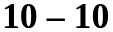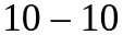 <table style="text-align:center">
 <tr>
 <th width=200></th>
 <th width=100></th>
 <th width=200></th>
 </tr>
 <tr>
 <td align=right><strong></strong></td>
-<td><strong>10 – 10</strong></td>
+<td>10 – 10</td>
 <td align=left><strong></strong></td>
 </tr>
 </table>
